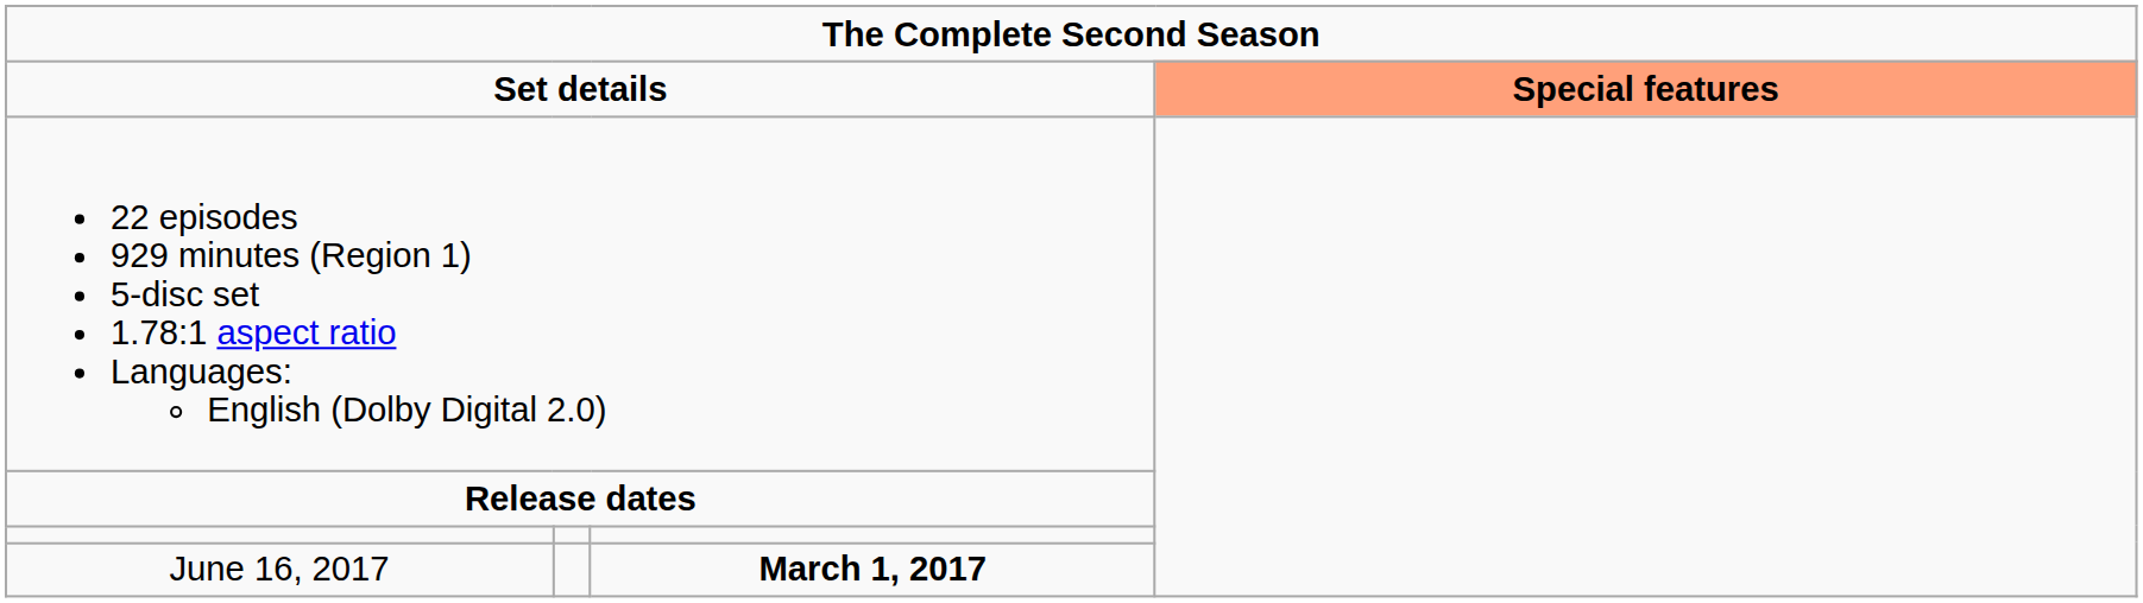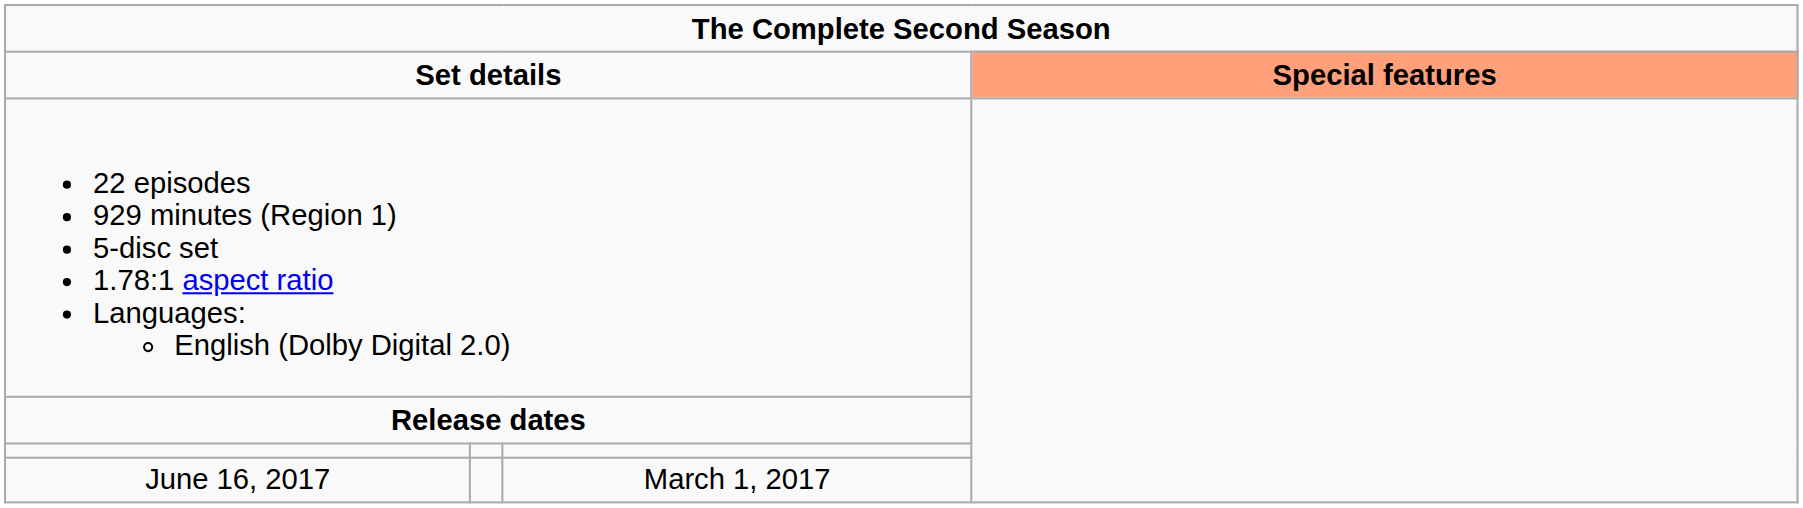 <table class="wikitable plainrowheaders" style="font-size:90%; text-align:center; width: 100%; margin-left: auto; margin-right: auto;">
 <tr>
 <td colspan="6"><strong>The Complete Second Season</strong></td>
 </tr>
 <tr>
 <td align="center" width="300" colspan="3"><strong>Set details</strong></td>
 <td width="400" align="center" style="background: lightsalmon;"><strong>Special features</strong></td>
 </tr>
 <tr valign="top">
 <td colspan="3" align="left" width="300"><br><ul><li>22 episodes</li><li>929 minutes (Region 1)</li><li>5-disc set</li><li>1.78:1 <a href='#'>aspect ratio</a></li><li>Languages:<ul><li>English (Dolby Digital 2.0)</li></ul></li></ul></td>
 <td rowspan="4" align="left" width="400"></td>
 </tr>
 <tr>
 <td colspan="3" align="center"><strong>Release dates</strong></td>
 </tr>
 <tr>
 <td align="center"></td>
 <td align="center"></td>
 <td align="center"></td>
 </tr>
 <tr>
 <td align="center">June 16, 2017</td>
 <td align="center"></td>
-<td align="center"><strong>March 1, 2017</strong></td>
+<td align="center">March 1, 2017</td>
 </tr>
 </table>
